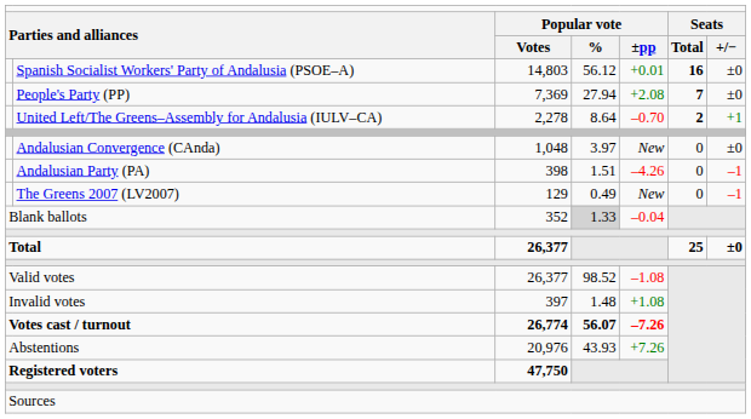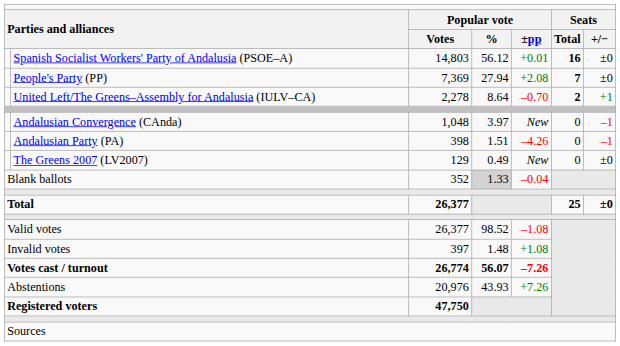 <table class="wikitable" style="text-align:right;">
 <tr>
 <td colspan="7"></td>
 </tr>
 <tr>
 <th style="text-align:left;" rowspan="2" colspan="2" width="525">Parties and alliances</th>
 <th colspan="3">Popular vote</th>
 <th colspan="2">Seats</th>
 </tr>
 <tr>
 <th width="75">Votes</th>
 <th width="45">%</th>
 <th width="45">±<a href='#'>pp</a></th>
 <th width="35">Total</th>
 <th width="35">+/−</th>
 </tr>
 <tr>
 <td width="1" style="color:inherit;background:"></td>
 <td align="left"><a href='#'>Spanish Socialist Workers' Party of Andalusia</a> (PSOE–A)</td>
 <td>14,803</td>
 <td>56.12</td>
 <td style="color:green;">+0.01</td>
 <td><strong>16</strong></td>
 <td>±0</td>
 </tr>
 <tr>
 <td style="color:inherit;background:"></td>
 <td align="left"><a href='#'>People's Party</a> (PP)</td>
 <td>7,369</td>
 <td>27.94</td>
 <td style="color:green;">+2.08</td>
 <td><strong>7</strong></td>
 <td>±0</td>
 </tr>
 <tr>
 <td style="color:inherit;background:"></td>
 <td align="left"><a href='#'>United Left/The Greens–Assembly for Andalusia</a> (IULV–CA)</td>
 <td>2,278</td>
 <td>8.64</td>
 <td style="color:red;">–0.70</td>
 <td><strong>2</strong></td>
 <td style="color:green;">+1</td>
 </tr>
 <tr>
 <td colspan="7" bgcolor="#C0C0C0"></td>
 </tr>
 <tr>
 <td style="color:inherit;background:"></td>
 <td align="left"><a href='#'>Andalusian Convergence</a> (CAnda)</td>
 <td>1,048</td>
 <td>3.97</td>
 <td><em>New</em></td>
 <td>0</td>
-<td>±0</td>
+<td style="color:red;">–1</td>
 </tr>
 <tr>
 <td style="color:inherit;background:"></td>
 <td align="left"><a href='#'>Andalusian Party</a> (PA)</td>
 <td>398</td>
 <td>1.51</td>
 <td style="color:red;">–4.26</td>
 <td>0</td>
 <td style="color:red;">–1</td>
 </tr>
 <tr>
 <td style="color:inherit;background:"></td>
 <td align="left"><a href='#'>The Greens 2007</a> (LV2007)</td>
 <td>129</td>
 <td>0.49</td>
 <td><em>New</em></td>
 <td>0</td>
-<td style="color:red;">–1</td>
+<td>±0</td>
 </tr>
 <tr>
 <td align="left" colspan="2">Blank ballots</td>
 <td>352</td>
 <td style="background: lightgrey;">1.33</td>
 <td style="color:red;">–0.04</td>
 <td bgcolor="#E9E9E9" colspan="2"></td>
 </tr>
 <tr>
 <td colspan="7" bgcolor="#E9E9E9"></td>
 </tr>
 <tr style="font-weight:bold;">
 <td align="left" colspan="2">Total</td>
 <td>26,377</td>
 <td bgcolor="#E9E9E9" colspan="2"></td>
 <td>25</td>
 <td>±0</td>
 </tr>
 <tr>
 <td colspan="7" bgcolor="#E9E9E9"></td>
 </tr>
 <tr>
 <td align="left" colspan="2">Valid votes</td>
 <td>26,377</td>
 <td>98.52</td>
 <td style="color:red;">–1.08</td>
 <td bgcolor="#E9E9E9" colspan="2" rowspan="5"></td>
 </tr>
 <tr>
 <td align="left" colspan="2">Invalid votes</td>
 <td>397</td>
 <td>1.48</td>
 <td style="color:green;">+1.08</td>
 </tr>
 <tr style="font-weight:bold;">
 <td align="left" colspan="2">Votes cast / turnout</td>
 <td>26,774</td>
 <td>56.07</td>
 <td style="color:red;">–7.26</td>
 </tr>
 <tr>
 <td align="left" colspan="2">Abstentions</td>
 <td>20,976</td>
 <td>43.93</td>
 <td style="color:green;">+7.26</td>
 </tr>
 <tr style="font-weight:bold;">
 <td align="left" colspan="2">Registered voters</td>
 <td>47,750</td>
 <td bgcolor="#E9E9E9" colspan="2"></td>
 </tr>
 <tr>
 <td colspan="7" bgcolor="#E9E9E9"></td>
 </tr>
 <tr>
 <td align="left" colspan="7">Sources</td>
 </tr>
 </table>
